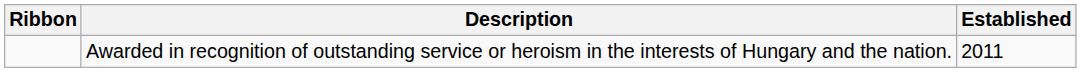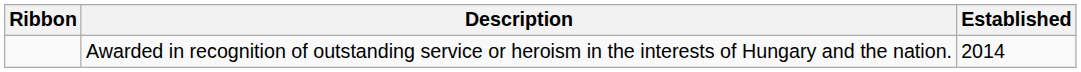 <table class="wikitable">
 <tr>
 <th>Ribbon</th>
 <th>Description</th>
 <th>Established</th>
 </tr>
 <tr>
 <td></td>
 <td>Awarded in recognition of outstanding service or heroism in the interests of Hungary and the nation.</td>
-<td>2011</td>
+<td>2014</td>
 </tr>
 </table>
